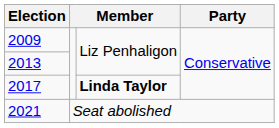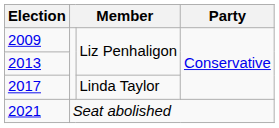 <table class="wikitable">
 <tr>
 <th>Election</th>
 <th colspan="2">Member</th>
 <th>Party</th>
 </tr>
 <tr>
 <td><a href='#'>2009</a></td>
 <td rowspan="3" style="background-color: "></td>
 <td rowspan="2">Liz Penhaligon</td>
 <td rowspan="3"><a href='#'>Conservative</a></td>
 </tr>
 <tr>
 <td><a href='#'>2013</a></td>
 </tr>
 <tr>
 <td><a href='#'>2017</a></td>
-<td rowspan="1"><strong>Linda Taylor</strong></td>
+<td rowspan="1">Linda Taylor</td>
 </tr>
 <tr>
 <td><a href='#'>2021</a></td>
 <td colspan="3"><em>Seat abolished</em></td>
 </tr>
 </table>
